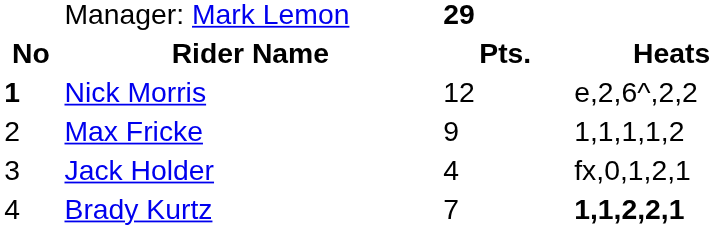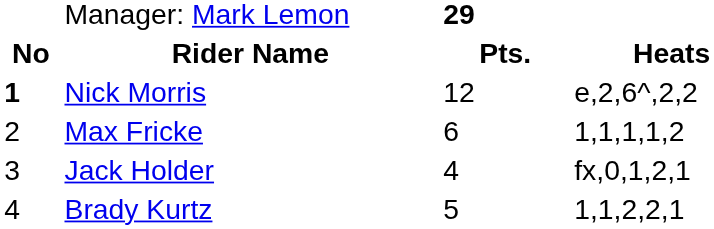 <table class="toccolours">
 <tr>
 <td></td>
 <td>Manager: <a href='#'>Mark Lemon</a></td>
 <td><strong>29</strong></td>
 </tr>
 <tr style="background-color:">
 <th width=30px>No</th>
 <th width=210px>Rider Name</th>
 <th width=70px>Pts.</th>
 <th width=110px>Heats</th>
 </tr>
 <tr style="background-color:">
 <td><strong>1</strong></td>
 <td><a href='#'>Nick Morris</a></td>
 <td>12</td>
 <td>e,2,6^,2,2</td>
 </tr>
 <tr style="background-color:">
 <td>2</td>
 <td><a href='#'>Max Fricke</a></td>
-<td>9</td>
+<td>6</td>
 <td>1,1,1,1,2</td>
 </tr>
 <tr style="background-color:">
 <td>3</td>
 <td><a href='#'>Jack Holder</a></td>
 <td>4</td>
 <td>fx,0,1,2,1</td>
 </tr>
 <tr style="background-color:">
 <td>4</td>
 <td><a href='#'>Brady Kurtz</a></td>
-<td>7</td>
-<td><strong>1,1,2,2,1</strong></td>
+<td>5</td>
+<td>1,1,2,2,1</td>
 </tr>
 </table>
